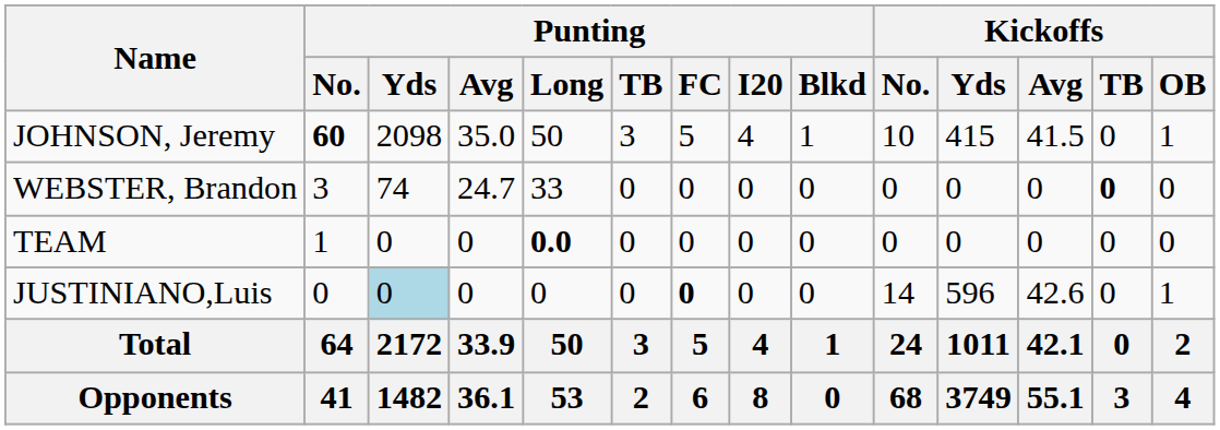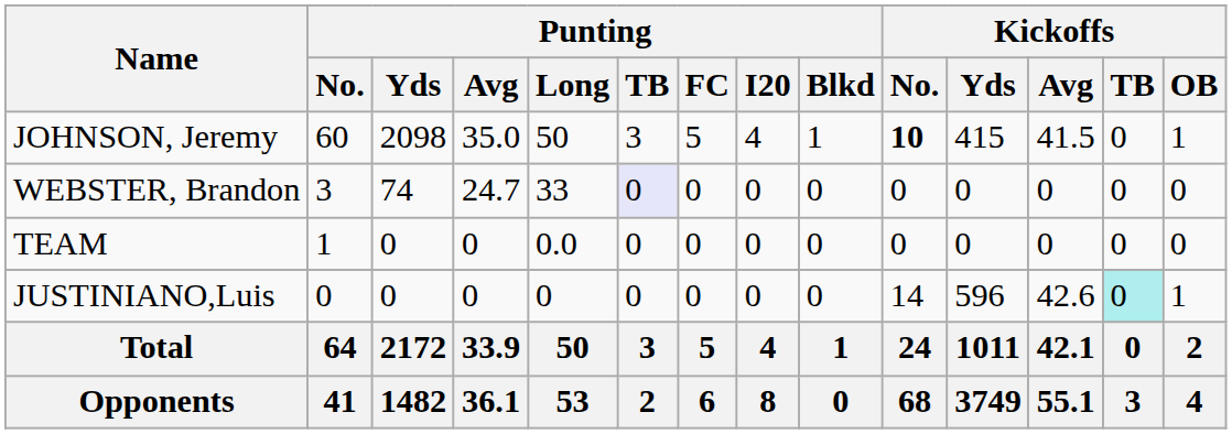 <table class="wikitable" style="white-space:nowrap;">
 <tr>
 <th rowspan="2">Name</th>
 <th colspan="8">Punting</th>
 <th colspan="5">Kickoffs</th>
 </tr>
 <tr>
 <th>No.</th>
 <th>Yds</th>
 <th>Avg</th>
 <th>Long</th>
 <th>TB</th>
 <th>FC</th>
 <th>I20</th>
 <th>Blkd</th>
 <th>No.</th>
 <th>Yds</th>
 <th>Avg</th>
 <th>TB</th>
 <th>OB</th>
 </tr>
 <tr>
 <td>JOHNSON, Jeremy</td>
-<td><strong>60</strong></td>
+<td>60</td>
 <td>2098</td>
 <td>35.0</td>
 <td>50</td>
 <td>3</td>
 <td>5</td>
 <td>4</td>
 <td>1</td>
-<td>10</td>
+<td><strong>10</strong></td>
 <td>415</td>
 <td>41.5</td>
 <td>0</td>
 <td>1</td>
 </tr>
 <tr>
 <td>WEBSTER, Brandon</td>
 <td>3</td>
 <td>74</td>
 <td>24.7</td>
 <td>33</td>
+<td style="background: lavender;">0</td>
 <td>0</td>
 <td>0</td>
 <td>0</td>
 <td>0</td>
 <td>0</td>
 <td>0</td>
 <td>0</td>
-<td><strong>0</strong></td>
 <td>0</td>
 </tr>
 <tr>
 <td>TEAM</td>
 <td>1</td>
 <td>0</td>
 <td>0</td>
-<td><strong>0.0</strong></td>
+<td>0.0</td>
 <td>0</td>
 <td>0</td>
 <td>0</td>
 <td>0</td>
 <td>0</td>
 <td>0</td>
 <td>0</td>
 <td>0</td>
 <td>0</td>
 </tr>
 <tr>
 <td>JUSTINIANO,Luis</td>
 <td>0</td>
-<td style="background: lightblue;">0</td>
 <td>0</td>
 <td>0</td>
 <td>0</td>
-<td><strong>0</strong></td>
+<td>0</td>
+<td>0</td>
 <td>0</td>
 <td>0</td>
 <td>14</td>
 <td>596</td>
 <td>42.6</td>
-<td>0</td>
+<td style="background: paleturquoise;">0</td>
 <td>1</td>
 </tr>
 <tr>
 <th><strong>Total</strong></th>
 <th>64</th>
 <th>2172</th>
 <th>33.9</th>
 <th>50</th>
 <th>3</th>
 <th>5</th>
 <th>4</th>
 <th>1</th>
 <th>24</th>
 <th>1011</th>
 <th>42.1</th>
 <th>0</th>
 <th>2</th>
 </tr>
 <tr>
 <th><strong>Opponents</strong></th>
 <th>41</th>
 <th>1482</th>
 <th>36.1</th>
 <th>53</th>
 <th>2</th>
 <th>6</th>
 <th>8</th>
 <th>0</th>
 <th>68</th>
 <th>3749</th>
 <th>55.1</th>
 <th>3</th>
 <th>4</th>
 </tr>
 </table>
